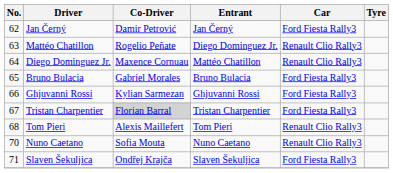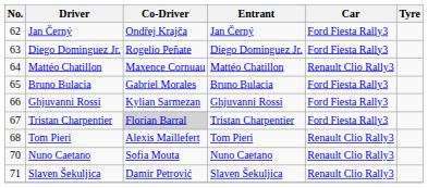 <table class="wikitable" style="font-size: 85%;">
 <tr>
 <th>No.</th>
 <th>Driver</th>
 <th>Co-Driver</th>
 <th>Entrant</th>
 <th>Car</th>
 <th>Tyre</th>
 </tr>
 <tr>
 <td align="center">62</td>
 <td> <a href='#'>Jan Černý</a></td>
-<td> <a href='#'>Damir Petrović</a></td>
+<td> <a href='#'>Ondřej Krajča</a></td>
 <td> <a href='#'>Jan Černý</a></td>
 <td><a href='#'>Ford Fiesta Rally3</a></td>
 <td align="center"></td>
 </tr>
 <tr>
 <td align="center">63</td>
-<td> <a href='#'>Mattéo Chatillon</a></td>
+<td> <a href='#'>Diego Dominguez Jr.</a></td>
 <td> <a href='#'>Rogelio Peñate</a></td>
 <td> <a href='#'>Diego Dominguez Jr.</a></td>
-<td><a href='#'>Renault Clio Rally3</a></td>
+<td><a href='#'>Ford Fiesta Rally3</a></td>
 <td align="center"></td>
 </tr>
 <tr>
 <td align="center">64</td>
-<td> <a href='#'>Diego Dominguez Jr.</a></td>
+<td> <a href='#'>Mattéo Chatillon</a></td>
 <td> <a href='#'>Maxence Cornuau</a></td>
 <td> <a href='#'>Mattéo Chatillon</a></td>
 <td><a href='#'>Renault Clio Rally3</a></td>
 <td align="center"></td>
 </tr>
 <tr>
 <td align="center">65</td>
 <td> <a href='#'>Bruno Bulacia</a></td>
 <td> <a href='#'>Gabriel Morales</a></td>
 <td> <a href='#'>Bruno Bulacia</a></td>
 <td><a href='#'>Ford Fiesta Rally3</a></td>
 <td align="center"></td>
 </tr>
 <tr>
 <td align="center">66</td>
 <td> <a href='#'>Ghjuvanni Rossi</a></td>
 <td> <a href='#'>Kylian Sarmezan</a></td>
 <td> <a href='#'>Ghjuvanni Rossi</a></td>
 <td><a href='#'>Ford Fiesta Rally3</a></td>
 <td align="center"></td>
 </tr>
 <tr>
 <td align="center">67</td>
 <td> <a href='#'>Tristan Charpentier</a></td>
 <td style="background: lightgrey;"> <a href='#'>Florian Barral</a></td>
 <td> <a href='#'>Tristan Charpentier</a></td>
 <td><a href='#'>Ford Fiesta Rally3</a></td>
 <td align="center"></td>
 </tr>
 <tr>
 <td align="center">68</td>
 <td> <a href='#'>Tom Pieri</a></td>
 <td> <a href='#'>Alexis Maillefert</a></td>
 <td> <a href='#'>Tom Pieri</a></td>
 <td><a href='#'>Renault Clio Rally3</a></td>
 <td align="center"></td>
 </tr>
 <tr>
 <td align="center">70</td>
 <td> <a href='#'>Nuno Caetano</a></td>
 <td> <a href='#'>Sofia Mouta</a></td>
 <td> <a href='#'>Nuno Caetano</a></td>
 <td><a href='#'>Renault Clio Rally3</a></td>
 <td align="center"></td>
 </tr>
 <tr>
 <td align="center">71</td>
 <td> <a href='#'>Slaven Šekuljica</a></td>
-<td> <a href='#'>Ondřej Krajča</a></td>
+<td> <a href='#'>Damir Petrović</a></td>
 <td> <a href='#'>Slaven Šekuljica</a></td>
-<td><a href='#'>Ford Fiesta Rally3</a></td>
+<td><a href='#'>Renault Clio Rally3</a></td>
 <td align="center"></td>
 </tr>
 <tr>
 </tr>
 </table>
